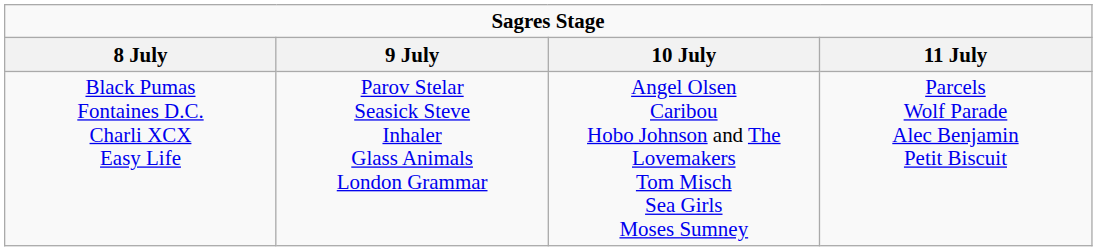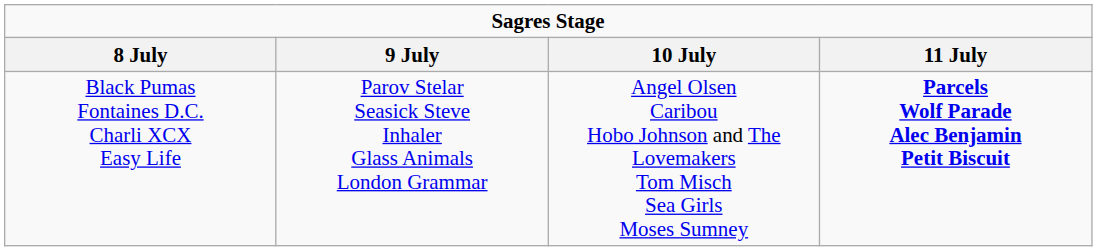 <table class="wikitable">
 <tr>
 <td colspan="4" align="center"><strong>Sagres Stage</strong></td>
 </tr>
 <tr>
 <th>8 July</th>
 <th>9 July</th>
 <th>10 July</th>
 <th>11 July</th>
 </tr>
 <tr>
 <td width="200" align="center" valign="top"><a href='#'>Black Pumas</a><br><a href='#'>Fontaines D.C.</a><br><a href='#'>Charli XCX</a><br><a href='#'>Easy Life</a></td>
 <td width="200" align="center" valign="top"><a href='#'>Parov Stelar</a><br><a href='#'>Seasick Steve</a><br><a href='#'>Inhaler</a><br><a href='#'>Glass Animals</a><br><a href='#'>London Grammar</a></td>
 <td width="200" align="center" valign="top"><a href='#'>Angel Olsen</a><br><a href='#'>Caribou</a><br><a href='#'>Hobo Johnson</a> and <a href='#'>The Lovemakers</a><br><a href='#'>Tom Misch</a><br><a href='#'>Sea Girls</a><br><a href='#'>Moses Sumney</a></td>
-<td width="200" align="center" valign="top"><a href='#'>Parcels</a><br><a href='#'>Wolf Parade</a><br><a href='#'>Alec Benjamin</a><br><a href='#'>Petit Biscuit</a></td>
+<td width="200" align="center" valign="top"><strong><a href='#'>Parcels</a><br><a href='#'>Wolf Parade</a><br><a href='#'>Alec Benjamin</a><br><a href='#'>Petit Biscuit</a></strong></td>
 </tr>
 </table>
